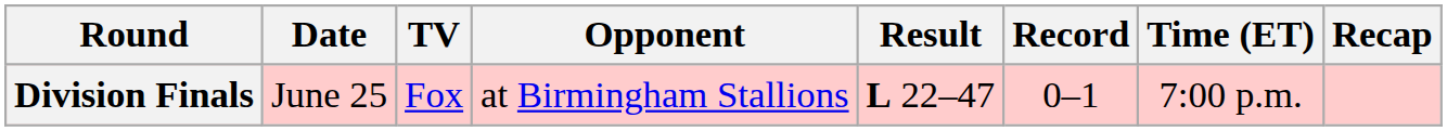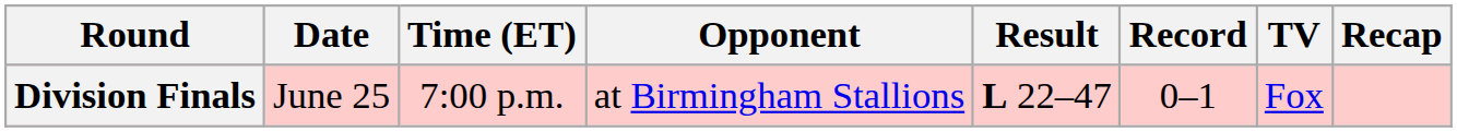 <table class="wikitable" style="text-align:center">
 <tr>
 <th>Round</th>
 <th>Date</th>
-<th>TV</th>
+<th>Time (ET)</th>
 <th>Opponent</th>
 <th>Result</th>
 <th>Record</th>
-<th>Time (ET)</th>
+<th>TV</th>
 <th>Recap</th>
 </tr>
 <tr style="background:#ffcccc">
 <th>Division Finals</th>
 <td>June 25</td>
-<td><a href='#'>Fox</a></td>
+<td>7:00 p.m.</td>
 <td>at <a href='#'>Birmingham Stallions</a></td>
 <td><strong>L</strong> 22–47</td>
 <td>0–1</td>
-<td>7:00 p.m.</td>
+<td><a href='#'>Fox</a></td>
 <td></td>
 </tr>
 </table>
